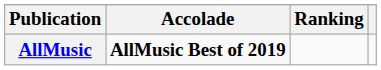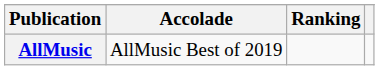 <table class="wikitable plainrowheaders">
 <tr>
 </tr>
 <tr>
 <th scope="col">Publication</th>
 <th scope="col">Accolade</th>
 <th scope="col">Ranking</th>
 <th scope="col"></th>
 </tr>
 <tr>
 <th scope="row"><a href='#'>AllMusic</a></th>
-<td><strong>AllMusic Best of 2019</strong></td>
+<td>AllMusic Best of 2019</td>
 <td></td>
 <td></td>
 </tr>
 </table>
